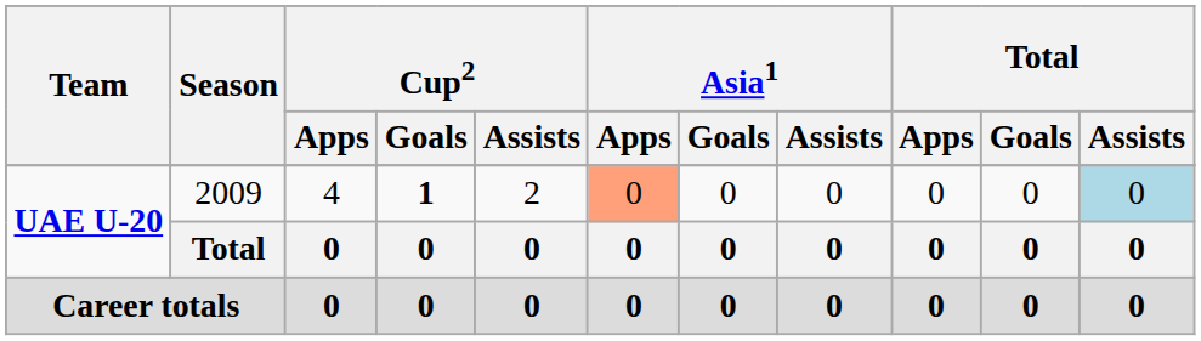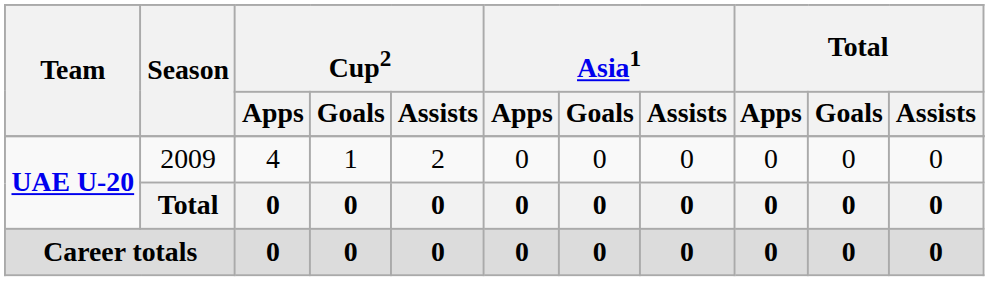 <table class="wikitable" style="font-size:90%; text-align: center;">
 <tr>
 <th rowspan="2">Team</th>
 <th rowspan="2">Season</th>
 <th colspan="3"><br>Cup<sup>2</sup></th>
 <th colspan="3"><br><a href='#'>Asia</a><sup>1</sup></th>
 <th colspan="3">Total</th>
 </tr>
 <tr>
 <th>Apps</th>
 <th>Goals</th>
 <th>Assists</th>
 <th>Apps</th>
 <th>Goals</th>
 <th>Assists</th>
 <th>Apps</th>
 <th>Goals</th>
 <th>Assists</th>
 </tr>
 <tr>
 </tr>
 <tr align=center>
 <td rowspan="2" align=center valign=center><strong><a href='#'>UAE U-20</a></strong></td>
 <td>2009</td>
 <td>4</td>
-<td><strong>1</strong></td>
+<td>1</td>
 <td>2</td>
-<td style="background: lightsalmon;">0</td>
 <td>0</td>
 <td>0</td>
 <td>0</td>
 <td>0</td>
-<td style="background: lightblue;">0</td>
+<td>0</td>
+<td>0</td>
 </tr>
 <tr align=center>
 <th>Total</th>
 <th>0</th>
 <th>0</th>
 <th>0</th>
 <th>0</th>
 <th>0</th>
 <th>0</th>
 <th>0</th>
 <th>0</th>
 <th>0</th>
 </tr>
 <tr>
 <th style="background: #DCDCDC" colspan="2">Career totals</th>
 <th style="background: #DCDCDC">0</th>
 <th style="background: #DCDCDC">0</th>
 <th style="background: #DCDCDC">0</th>
 <th style="background: #DCDCDC">0</th>
 <th style="background: #DCDCDC">0</th>
 <th style="background: #DCDCDC">0</th>
 <th style="background: #DCDCDC">0</th>
 <th style="background: #DCDCDC">0</th>
 <th style="background: #DCDCDC">0</th>
 </tr>
 </table>
